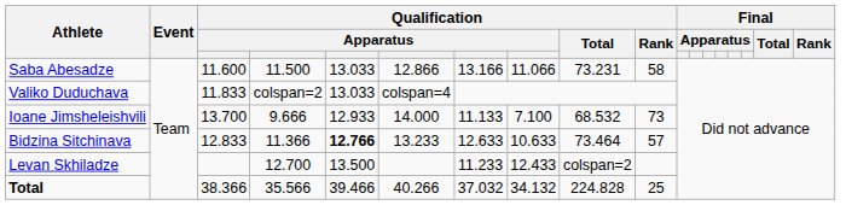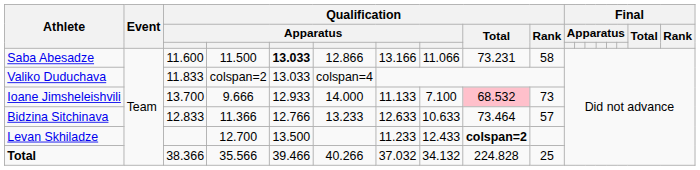 <table class="wikitable" style="font-size:90%">
 <tr>
 <th rowspan=3>Athlete</th>
 <th rowspan=3>Event</th>
 <th colspan =8>Qualification</th>
 <th colspan =8>Final</th>
 </tr>
 <tr style="font-size:95%">
 <th colspan=6>Apparatus</th>
 <th rowspan=2>Total</th>
 <th rowspan=2>Rank</th>
 <th colspan=6>Apparatus</th>
 <th rowspan=2>Total</th>
 <th rowspan=2>Rank</th>
 </tr>
 <tr style="font-size:95%">
 <th></th>
 <th></th>
 <th></th>
 <th></th>
 <th></th>
 <th></th>
 <th></th>
 <th></th>
 <th></th>
 <th></th>
 <th></th>
 <th></th>
 </tr>
 <tr align=center>
 <td align=left><a href='#'>Saba Abesadze</a></td>
 <td align=left rowspan=6>Team</td>
 <td>11.600</td>
 <td>11.500</td>
-<td>13.033</td>
+<td><strong>13.033</strong></td>
 <td>12.866</td>
 <td>13.166</td>
 <td>11.066</td>
 <td>73.231</td>
 <td>58</td>
 <td rowspan=6 colspan=8>Did not advance</td>
 </tr>
 <tr align=center>
 <td align=left><a href='#'>Valiko Duduchava</a></td>
 <td>11.833</td>
 <td>colspan=2</td>
 <td>13.033</td>
 <td>colspan=4</td>
 </tr>
 <tr align=center>
 <td align=left><a href='#'>Ioane Jimsheleishvili</a></td>
 <td>13.700</td>
 <td>9.666</td>
 <td>12.933</td>
 <td>14.000</td>
 <td>11.133</td>
 <td>7.100</td>
-<td>68.532</td>
+<td style="background: pink;">68.532</td>
 <td>73</td>
 </tr>
 <tr align=center>
 <td align=left><a href='#'>Bidzina Sitchinava</a></td>
 <td>12.833</td>
 <td>11.366</td>
-<td><strong>12.766</strong></td>
+<td>12.766</td>
 <td>13.233</td>
 <td>12.633</td>
 <td>10.633</td>
 <td>73.464</td>
 <td>57</td>
 </tr>
 <tr align=center>
 <td align=left><a href='#'>Levan Skhiladze</a></td>
 <td></td>
 <td>12.700</td>
 <td>13.500</td>
 <td></td>
 <td>11.233</td>
 <td>12.433</td>
-<td>colspan=2</td>
+<td><strong>colspan=2</strong></td>
 </tr>
 <tr align=center>
 <td align=left><strong>Total</strong></td>
 <td>38.366</td>
 <td>35.566</td>
 <td>39.466</td>
 <td>40.266</td>
 <td>37.032</td>
 <td>34.132</td>
 <td>224.828</td>
 <td>25</td>
 </tr>
 </table>
